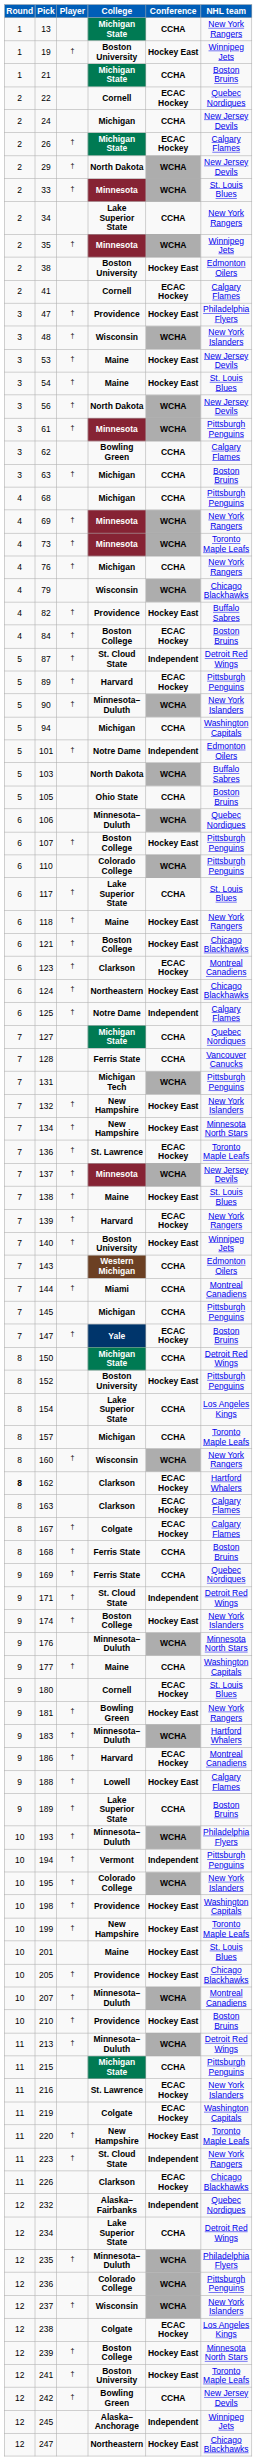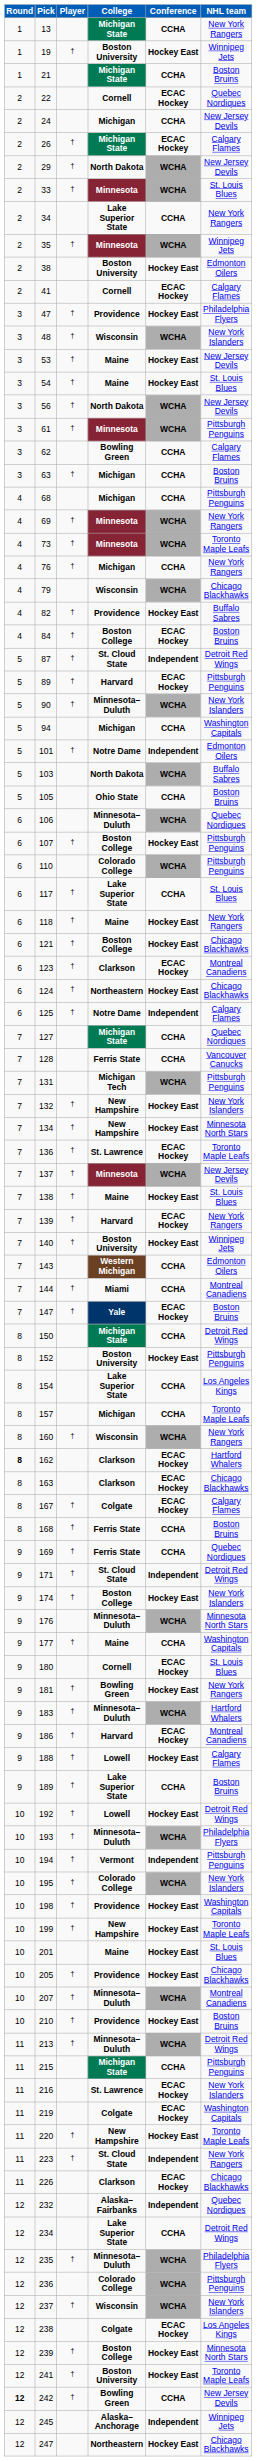 <table class="wikitable sortable" width="75%">
 <tr>
 <th style="color:white; background-color:#005EB8; width: 4em;">Round</th>
 <th style="color:white; background-color:#005EB8; width: 4em;">Pick</th>
 <th style="color:white; background-color:#005EB8; width: 12em;">Player</th>
 <th style="color:white; background-color:#005EB8; width: 13em;">College</th>
 <th style="color:white; background-color:#005EB8; width: 9em;">Conference</th>
 <th style="color:white; background-color:#005EB8; width: 11em;">NHL team</th>
 </tr>
 <tr align="center" bgcolor="">
 <td>1</td>
 <td>13</td>
 <td></td>
 <td style="color:white; background:#007A53"><strong>Michigan State</strong></td>
 <td><strong>CCHA</strong></td>
 <td><a href='#'>New York Rangers</a></td>
 </tr>
 <tr align="center" bgcolor="">
 <td>1</td>
 <td>19</td>
 <td> <sup>†</sup></td>
 <td><strong>Boston University</strong></td>
 <td><strong>Hockey East</strong></td>
 <td><a href='#'>Winnipeg Jets</a></td>
 </tr>
 <tr align="center" bgcolor="">
 <td>1</td>
 <td>21</td>
 <td></td>
 <td style="color:white; background:#007A53"><strong>Michigan State</strong></td>
 <td><strong>CCHA</strong></td>
 <td><a href='#'>Boston Bruins</a></td>
 </tr>
 <tr align="center" bgcolor="">
 <td>2</td>
 <td>22</td>
 <td></td>
 <td><strong>Cornell</strong></td>
 <td><strong>ECAC Hockey</strong></td>
 <td><a href='#'>Quebec Nordiques</a></td>
 </tr>
 <tr align="center" bgcolor="">
 <td>2</td>
 <td>24</td>
 <td></td>
 <td><strong>Michigan</strong></td>
 <td><strong>CCHA</strong></td>
 <td><a href='#'>New Jersey Devils</a></td>
 </tr>
 <tr align="center" bgcolor="">
 <td>2</td>
 <td>26</td>
 <td> <sup>†</sup></td>
 <td style="color:white; background:#007A53"><strong>Michigan State</strong></td>
 <td><strong>ECAC Hockey</strong></td>
 <td><a href='#'>Calgary Flames</a></td>
 </tr>
 <tr align="center" bgcolor="">
 <td>2</td>
 <td>29</td>
 <td> <sup>†</sup></td>
 <td><strong>North Dakota</strong></td>
 <td style="color:black; background:#ADADAD; "><strong>WCHA</strong></td>
 <td><a href='#'>New Jersey Devils</a></td>
 </tr>
 <tr align="center" bgcolor="">
 <td>2</td>
 <td>33</td>
 <td> <sup>†</sup></td>
 <td style="color:white; background:#862334; "><strong>Minnesota</strong></td>
 <td style="color:black; background:#ADADAD; "><strong>WCHA</strong></td>
 <td><a href='#'>St. Louis Blues</a></td>
 </tr>
 <tr align="center" bgcolor="">
 <td>2</td>
 <td>34</td>
 <td></td>
 <td><strong>Lake Superior State</strong></td>
 <td><strong>CCHA</strong></td>
 <td><a href='#'>New York Rangers</a></td>
 </tr>
 <tr align="center" bgcolor="">
 <td>2</td>
 <td>35</td>
 <td> <sup>†</sup></td>
 <td style="color:white; background:#862334; "><strong>Minnesota</strong></td>
 <td style="color:black; background:#ADADAD; "><strong>WCHA</strong></td>
 <td><a href='#'>Winnipeg Jets</a></td>
 </tr>
 <tr align="center" bgcolor="">
 <td>2</td>
 <td>38</td>
 <td></td>
 <td><strong>Boston University</strong></td>
 <td><strong>Hockey East</strong></td>
 <td><a href='#'>Edmonton Oilers</a></td>
 </tr>
 <tr align="center" bgcolor="">
 <td>2</td>
 <td>41</td>
 <td></td>
 <td><strong>Cornell</strong></td>
 <td><strong>ECAC Hockey</strong></td>
 <td><a href='#'>Calgary Flames</a></td>
 </tr>
 <tr align="center" bgcolor="">
 <td>3</td>
 <td>47</td>
 <td> <sup>†</sup></td>
 <td><strong>Providence</strong></td>
 <td><strong>Hockey East</strong></td>
 <td><a href='#'>Philadelphia Flyers</a></td>
 </tr>
 <tr align="center" bgcolor="">
 <td>3</td>
 <td>48</td>
 <td> <sup>†</sup></td>
 <td><strong>Wisconsin</strong></td>
 <td style="color:black; background:#ADADAD; "><strong>WCHA</strong></td>
 <td><a href='#'>New York Islanders</a></td>
 </tr>
 <tr align="center" bgcolor="">
 <td>3</td>
 <td>53</td>
 <td> <sup>†</sup></td>
 <td><strong>Maine</strong></td>
 <td><strong>Hockey East</strong></td>
 <td><a href='#'>New Jersey Devils</a></td>
 </tr>
 <tr align="center" bgcolor="">
 <td>3</td>
 <td>54</td>
 <td> <sup>†</sup></td>
 <td><strong>Maine</strong></td>
 <td><strong>Hockey East</strong></td>
 <td><a href='#'>St. Louis Blues</a></td>
 </tr>
 <tr align="center" bgcolor="">
 <td>3</td>
 <td>56</td>
 <td> <sup>†</sup></td>
 <td><strong>North Dakota</strong></td>
 <td style="color:black; background:#ADADAD; "><strong>WCHA</strong></td>
 <td><a href='#'>New Jersey Devils</a></td>
 </tr>
 <tr align="center" bgcolor="">
 <td>3</td>
 <td>61</td>
 <td> <sup>†</sup></td>
 <td style="color:white; background:#862334; "><strong>Minnesota</strong></td>
 <td style="color:black; background:#ADADAD; "><strong>WCHA</strong></td>
 <td><a href='#'>Pittsburgh Penguins</a></td>
 </tr>
 <tr align="center" bgcolor="">
 <td>3</td>
 <td>62</td>
 <td></td>
 <td><strong>Bowling Green</strong></td>
 <td><strong>CCHA</strong></td>
 <td><a href='#'>Calgary Flames</a></td>
 </tr>
 <tr align="center" bgcolor="">
 <td>3</td>
 <td>63</td>
 <td> <sup>†</sup></td>
 <td><strong>Michigan</strong></td>
 <td><strong>CCHA</strong></td>
 <td><a href='#'>Boston Bruins</a></td>
 </tr>
 <tr align="center" bgcolor="">
 <td>4</td>
 <td>68</td>
 <td></td>
 <td><strong>Michigan</strong></td>
 <td><strong>CCHA</strong></td>
 <td><a href='#'>Pittsburgh Penguins</a></td>
 </tr>
 <tr align="center" bgcolor="">
 <td>4</td>
 <td>69</td>
 <td> <sup>†</sup></td>
 <td style="color:white; background:#862334; "><strong>Minnesota</strong></td>
 <td style="color:black; background:#ADADAD; "><strong>WCHA</strong></td>
 <td><a href='#'>New York Rangers</a></td>
 </tr>
 <tr align="center" bgcolor="">
 <td>4</td>
 <td>73</td>
 <td> <sup>†</sup></td>
 <td style="color:white; background:#862334; "><strong>Minnesota</strong></td>
 <td style="color:black; background:#ADADAD; "><strong>WCHA</strong></td>
 <td><a href='#'>Toronto Maple Leafs</a></td>
 </tr>
 <tr align="center" bgcolor="">
 <td>4</td>
 <td>76</td>
 <td> <sup>†</sup></td>
 <td><strong>Michigan</strong></td>
 <td><strong>CCHA</strong></td>
 <td><a href='#'>New York Rangers</a></td>
 </tr>
 <tr align="center" bgcolor="">
 <td>4</td>
 <td>79</td>
 <td></td>
 <td><strong>Wisconsin</strong></td>
 <td style="color:black; background:#ADADAD; "><strong>WCHA</strong></td>
 <td><a href='#'>Chicago Blackhawks</a></td>
 </tr>
 <tr align="center" bgcolor="">
 <td>4</td>
 <td>82</td>
 <td> <sup>†</sup></td>
 <td><strong>Providence</strong></td>
 <td><strong>Hockey East</strong></td>
 <td><a href='#'>Buffalo Sabres</a></td>
 </tr>
 <tr align="center" bgcolor="">
 <td>4</td>
 <td>84</td>
 <td> <sup>†</sup></td>
 <td><strong>Boston College</strong></td>
 <td><strong>ECAC Hockey</strong></td>
 <td><a href='#'>Boston Bruins</a></td>
 </tr>
 <tr align="center" bgcolor="">
 <td>5</td>
 <td>87</td>
 <td> <sup>†</sup></td>
 <td><strong>St. Cloud State</strong></td>
 <td><strong>Independent</strong></td>
 <td><a href='#'>Detroit Red Wings</a></td>
 </tr>
 <tr align="center" bgcolor="">
 <td>5</td>
 <td>89</td>
 <td> <sup>†</sup></td>
 <td><strong>Harvard</strong></td>
 <td><strong>ECAC Hockey</strong></td>
 <td><a href='#'>Pittsburgh Penguins</a></td>
 </tr>
 <tr align="center" bgcolor="">
 <td>5</td>
 <td>90</td>
 <td> <sup>†</sup></td>
 <td><strong>Minnesota–Duluth</strong></td>
 <td style="color:black; background:#ADADAD; "><strong>WCHA</strong></td>
 <td><a href='#'>New York Islanders</a></td>
 </tr>
 <tr align="center" bgcolor="">
 <td>5</td>
 <td>94</td>
 <td></td>
 <td><strong>Michigan</strong></td>
 <td><strong>CCHA</strong></td>
 <td><a href='#'>Washington Capitals</a></td>
 </tr>
 <tr align="center" bgcolor="">
 <td>5</td>
 <td>101</td>
 <td> <sup>†</sup></td>
 <td><strong>Notre Dame</strong></td>
 <td><strong>Independent</strong></td>
 <td><a href='#'>Edmonton Oilers</a></td>
 </tr>
 <tr align="center" bgcolor="">
 <td>5</td>
 <td>103</td>
 <td></td>
 <td><strong>North Dakota</strong></td>
 <td style="color:black; background:#ADADAD; "><strong>WCHA</strong></td>
 <td><a href='#'>Buffalo Sabres</a></td>
 </tr>
 <tr align="center" bgcolor="">
 <td>5</td>
 <td>105</td>
 <td></td>
 <td><strong>Ohio State</strong></td>
 <td><strong>CCHA</strong></td>
 <td><a href='#'>Boston Bruins</a></td>
 </tr>
 <tr align="center" bgcolor="">
 <td>6</td>
 <td>106</td>
 <td></td>
 <td><strong>Minnesota–Duluth</strong></td>
 <td style="color:black; background:#ADADAD; "><strong>WCHA</strong></td>
 <td><a href='#'>Quebec Nordiques</a></td>
 </tr>
 <tr align="center" bgcolor="">
 <td>6</td>
 <td>107</td>
 <td> <sup>†</sup></td>
 <td><strong>Boston College</strong></td>
 <td><strong>Hockey East</strong></td>
 <td><a href='#'>Pittsburgh Penguins</a></td>
 </tr>
 <tr align="center" bgcolor="">
 <td>6</td>
 <td>110</td>
 <td></td>
 <td><strong>Colorado College</strong></td>
 <td style="color:black; background:#ADADAD; "><strong>WCHA</strong></td>
 <td><a href='#'>Pittsburgh Penguins</a></td>
 </tr>
 <tr align="center" bgcolor="">
 <td>6</td>
 <td>117</td>
 <td> <sup>†</sup></td>
 <td><strong>Lake Superior State</strong></td>
 <td><strong>CCHA</strong></td>
 <td><a href='#'>St. Louis Blues</a></td>
 </tr>
 <tr align="center" bgcolor="">
 <td>6</td>
 <td>118</td>
 <td> <sup>†</sup></td>
 <td><strong>Maine</strong></td>
 <td><strong>Hockey East</strong></td>
 <td><a href='#'>New York Rangers</a></td>
 </tr>
 <tr align="center" bgcolor="">
 <td>6</td>
 <td>121</td>
 <td> <sup>†</sup></td>
 <td><strong>Boston College</strong></td>
 <td><strong>Hockey East</strong></td>
 <td><a href='#'>Chicago Blackhawks</a></td>
 </tr>
 <tr align="center" bgcolor="">
 <td>6</td>
 <td>123</td>
 <td> <sup>†</sup></td>
 <td><strong>Clarkson</strong></td>
 <td><strong>ECAC Hockey</strong></td>
 <td><a href='#'>Montreal Canadiens</a></td>
 </tr>
 <tr align="center" bgcolor="">
 <td>6</td>
 <td>124</td>
 <td> <sup>†</sup></td>
 <td><strong>Northeastern</strong></td>
 <td><strong>Hockey East</strong></td>
 <td><a href='#'>Chicago Blackhawks</a></td>
 </tr>
 <tr align="center" bgcolor="">
 <td>6</td>
 <td>125</td>
 <td> <sup>†</sup></td>
 <td><strong>Notre Dame</strong></td>
 <td><strong>Independent</strong></td>
 <td><a href='#'>Calgary Flames</a></td>
 </tr>
 <tr align="center" bgcolor="">
 <td>7</td>
 <td>127</td>
 <td></td>
 <td style="color:white; background:#007A53"><strong>Michigan State</strong></td>
 <td><strong>CCHA</strong></td>
 <td><a href='#'>Quebec Nordiques</a></td>
 </tr>
 <tr align="center" bgcolor="">
 <td>7</td>
 <td>128</td>
 <td></td>
 <td><strong>Ferris State</strong></td>
 <td><strong>CCHA</strong></td>
 <td><a href='#'>Vancouver Canucks</a></td>
 </tr>
 <tr align="center" bgcolor="">
 <td>7</td>
 <td>131</td>
 <td></td>
 <td><strong>Michigan Tech</strong></td>
 <td style="color:black; background:#ADADAD; "><strong>WCHA</strong></td>
 <td><a href='#'>Pittsburgh Penguins</a></td>
 </tr>
 <tr align="center" bgcolor="">
 <td>7</td>
 <td>132</td>
 <td> <sup>†</sup></td>
 <td><strong>New Hampshire</strong></td>
 <td><strong>Hockey East</strong></td>
 <td><a href='#'>New York Islanders</a></td>
 </tr>
 <tr align="center" bgcolor="">
 <td>7</td>
 <td>134</td>
 <td> <sup>†</sup></td>
 <td><strong>New Hampshire</strong></td>
 <td><strong>Hockey East</strong></td>
 <td><a href='#'>Minnesota North Stars</a></td>
 </tr>
 <tr align="center" bgcolor="">
 <td>7</td>
 <td>136</td>
 <td> <sup>†</sup></td>
 <td><strong>St. Lawrence</strong></td>
 <td><strong>ECAC Hockey</strong></td>
 <td><a href='#'>Toronto Maple Leafs</a></td>
 </tr>
 <tr align="center" bgcolor="">
 <td>7</td>
 <td>137</td>
 <td> <sup>†</sup></td>
 <td style="color:white; background:#862334; "><strong>Minnesota</strong></td>
 <td style="color:black; background:#ADADAD; "><strong>WCHA</strong></td>
 <td><a href='#'>New Jersey Devils</a></td>
 </tr>
 <tr align="center" bgcolor="">
 <td>7</td>
 <td>138</td>
 <td> <sup>†</sup></td>
 <td><strong>Maine</strong></td>
 <td><strong>Hockey East</strong></td>
 <td><a href='#'>St. Louis Blues</a></td>
 </tr>
 <tr align="center" bgcolor="">
 <td>7</td>
 <td>139</td>
 <td> <sup>†</sup></td>
 <td><strong>Harvard</strong></td>
 <td><strong>ECAC Hockey</strong></td>
 <td><a href='#'>New York Rangers</a></td>
 </tr>
 <tr align="center" bgcolor="">
 <td>7</td>
 <td>140</td>
 <td> <sup>†</sup></td>
 <td><strong>Boston University</strong></td>
 <td><strong>Hockey East</strong></td>
 <td><a href='#'>Winnipeg Jets</a></td>
 </tr>
 <tr align="center" bgcolor="">
 <td>7</td>
 <td>143</td>
 <td></td>
 <td style="color:white; background:#6C4023; "><strong>Western Michigan</strong></td>
 <td><strong>CCHA</strong></td>
 <td><a href='#'>Edmonton Oilers</a></td>
 </tr>
 <tr align="center" bgcolor="">
 <td>7</td>
 <td>144</td>
 <td> <sup>†</sup></td>
 <td><strong>Miami</strong></td>
 <td><strong>CCHA</strong></td>
 <td><a href='#'>Montreal Canadiens</a></td>
 </tr>
 <tr align="center" bgcolor="">
 <td>7</td>
-<td>145</td>
-<td></td>
-<td><strong>Michigan</strong></td>
-<td><strong>CCHA</strong></td>
-<td><a href='#'>Pittsburgh Penguins</a></td>
-</tr>
-<tr align="center" bgcolor="">
-<td>7</td>
 <td>147</td>
 <td> <sup>†</sup></td>
 <td style="color:white; background:#00356B"><strong>Yale</strong></td>
 <td><strong>ECAC Hockey</strong></td>
 <td><a href='#'>Boston Bruins</a></td>
 </tr>
 <tr align="center" bgcolor="">
 <td>8</td>
 <td>150</td>
 <td></td>
 <td style="color:white; background:#007A53"><strong>Michigan State</strong></td>
 <td><strong>CCHA</strong></td>
 <td><a href='#'>Detroit Red Wings</a></td>
 </tr>
 <tr align="center" bgcolor="">
 <td>8</td>
 <td>152</td>
 <td></td>
 <td><strong>Boston University</strong></td>
 <td><strong>Hockey East</strong></td>
 <td><a href='#'>Pittsburgh Penguins</a></td>
 </tr>
 <tr align="center" bgcolor="">
 <td>8</td>
 <td>154</td>
 <td></td>
 <td><strong>Lake Superior State</strong></td>
 <td><strong>CCHA</strong></td>
 <td><a href='#'>Los Angeles Kings</a></td>
 </tr>
 <tr align="center" bgcolor="">
 <td>8</td>
 <td>157</td>
 <td></td>
 <td><strong>Michigan</strong></td>
 <td><strong>CCHA</strong></td>
 <td><a href='#'>Toronto Maple Leafs</a></td>
 </tr>
 <tr align="center" bgcolor="">
 <td>8</td>
 <td>160</td>
 <td> <sup>†</sup></td>
 <td><strong>Wisconsin</strong></td>
 <td style="color:black; background:#ADADAD; "><strong>WCHA</strong></td>
 <td><a href='#'>New York Rangers</a></td>
 </tr>
 <tr align="center" bgcolor="">
 <td><strong>8</strong></td>
 <td>162</td>
 <td></td>
 <td><strong>Clarkson</strong></td>
 <td><strong>ECAC Hockey</strong></td>
 <td><a href='#'>Hartford Whalers</a></td>
 </tr>
 <tr align="center" bgcolor="">
 <td>8</td>
 <td>163</td>
 <td></td>
 <td><strong>Clarkson</strong></td>
 <td><strong>ECAC Hockey</strong></td>
-<td><a href='#'>Calgary Flames</a></td>
+<td><a href='#'>Chicago Blackhawks</a></td>
 </tr>
 <tr align="center" bgcolor="">
 <td>8</td>
 <td>167</td>
 <td> <sup>†</sup></td>
 <td><strong>Colgate</strong></td>
 <td><strong>ECAC Hockey</strong></td>
 <td><a href='#'>Calgary Flames</a></td>
 </tr>
 <tr align="center" bgcolor="">
 <td>8</td>
 <td>168</td>
 <td> <sup>†</sup></td>
 <td><strong>Ferris State</strong></td>
 <td><strong>CCHA</strong></td>
 <td><a href='#'>Boston Bruins</a></td>
 </tr>
 <tr align="center" bgcolor="">
 <td>9</td>
 <td>169</td>
 <td> <sup>†</sup></td>
 <td><strong>Ferris State</strong></td>
 <td><strong>CCHA</strong></td>
 <td><a href='#'>Quebec Nordiques</a></td>
 </tr>
 <tr align="center" bgcolor="">
 <td>9</td>
 <td>171</td>
 <td> <sup>†</sup></td>
 <td><strong>St. Cloud State</strong></td>
 <td><strong>Independent</strong></td>
 <td><a href='#'>Detroit Red Wings</a></td>
 </tr>
 <tr align="center" bgcolor="">
 <td>9</td>
 <td>174</td>
 <td> <sup>†</sup></td>
 <td><strong>Boston College</strong></td>
 <td><strong>Hockey East</strong></td>
 <td><a href='#'>New York Islanders</a></td>
 </tr>
 <tr align="center" bgcolor="">
 <td>9</td>
 <td>176</td>
 <td></td>
 <td><strong>Minnesota–Duluth</strong></td>
 <td style="color:black; background:#ADADAD; "><strong>WCHA</strong></td>
 <td><a href='#'>Minnesota North Stars</a></td>
 </tr>
 <tr align="center" bgcolor="">
 <td>9</td>
 <td>177</td>
 <td> <sup>†</sup></td>
 <td><strong>Maine</strong></td>
 <td><strong>CCHA</strong></td>
 <td><a href='#'>Washington Capitals</a></td>
 </tr>
 <tr align="center" bgcolor="">
 <td>9</td>
 <td>180</td>
 <td></td>
 <td><strong>Cornell</strong></td>
 <td><strong>ECAC Hockey</strong></td>
 <td><a href='#'>St. Louis Blues</a></td>
 </tr>
 <tr align="center" bgcolor="">
 <td>9</td>
 <td>181</td>
 <td> <sup>†</sup></td>
 <td><strong>Bowling Green</strong></td>
 <td><strong>Hockey East</strong></td>
 <td><a href='#'>New York Rangers</a></td>
 </tr>
 <tr align="center" bgcolor="">
 <td>9</td>
 <td>183</td>
 <td> <sup>†</sup></td>
 <td><strong>Minnesota–Duluth</strong></td>
 <td style="color:black; background:#ADADAD; "><strong>WCHA</strong></td>
 <td><a href='#'>Hartford Whalers</a></td>
 </tr>
 <tr align="center" bgcolor="">
 <td>9</td>
 <td>186</td>
 <td> <sup>†</sup></td>
 <td><strong>Harvard</strong></td>
 <td><strong>ECAC Hockey</strong></td>
 <td><a href='#'>Montreal Canadiens</a></td>
 </tr>
 <tr align="center" bgcolor="">
 <td>9</td>
 <td>188</td>
 <td> <sup>†</sup></td>
 <td><strong>Lowell</strong></td>
 <td><strong>Hockey East</strong></td>
 <td><a href='#'>Calgary Flames</a></td>
 </tr>
 <tr align="center" bgcolor="">
 <td>9</td>
 <td>189</td>
 <td> <sup>†</sup></td>
 <td><strong>Lake Superior State</strong></td>
 <td><strong>CCHA</strong></td>
 <td><a href='#'>Boston Bruins</a></td>
+</tr>
+<tr align="center" bgcolor="">
+<td>10</td>
+<td>192</td>
+<td> <sup>†</sup></td>
+<td><strong>Lowell</strong></td>
+<td><strong>Hockey East</strong></td>
+<td><a href='#'>Detroit Red Wings</a></td>
 </tr>
 <tr align="center" bgcolor="">
 <td>10</td>
 <td>193</td>
 <td> <sup>†</sup></td>
 <td><strong>Minnesota–Duluth</strong></td>
 <td style="color:black; background:#ADADAD; "><strong>WCHA</strong></td>
 <td><a href='#'>Philadelphia Flyers</a></td>
 </tr>
 <tr align="center" bgcolor="">
 <td>10</td>
 <td>194</td>
 <td> <sup>†</sup></td>
 <td><strong>Vermont</strong></td>
 <td><strong>Independent</strong></td>
 <td><a href='#'>Pittsburgh Penguins</a></td>
 </tr>
 <tr align="center" bgcolor="">
 <td>10</td>
 <td>195</td>
 <td> <sup>†</sup></td>
 <td><strong>Colorado College</strong></td>
 <td style="color:black; background:#ADADAD; "><strong>WCHA</strong></td>
 <td><a href='#'>New York Islanders</a></td>
 </tr>
 <tr align="center" bgcolor="">
 <td>10</td>
 <td>198</td>
 <td> <sup>†</sup></td>
 <td><strong>Providence</strong></td>
 <td><strong>Hockey East</strong></td>
 <td><a href='#'>Washington Capitals</a></td>
 </tr>
 <tr align="center" bgcolor="">
 <td>10</td>
 <td>199</td>
 <td> <sup>†</sup></td>
 <td><strong>New Hampshire</strong></td>
 <td><strong>Hockey East</strong></td>
 <td><a href='#'>Toronto Maple Leafs</a></td>
 </tr>
 <tr align="center" bgcolor="">
 <td>10</td>
 <td>201</td>
 <td></td>
 <td><strong>Maine</strong></td>
 <td><strong>Hockey East</strong></td>
 <td><a href='#'>St. Louis Blues</a></td>
 </tr>
 <tr align="center" bgcolor="">
 <td>10</td>
 <td>205</td>
 <td> <sup>†</sup></td>
 <td><strong>Providence</strong></td>
 <td><strong>Hockey East</strong></td>
 <td><a href='#'>Chicago Blackhawks</a></td>
 </tr>
 <tr align="center" bgcolor="">
 <td>10</td>
 <td>207</td>
 <td> <sup>†</sup></td>
 <td><strong>Minnesota–Duluth</strong></td>
 <td style="color:black; background:#ADADAD; "><strong>WCHA</strong></td>
 <td><a href='#'>Montreal Canadiens</a></td>
 </tr>
 <tr align="center" bgcolor="">
 <td>10</td>
 <td>210</td>
 <td> <sup>†</sup></td>
 <td><strong>Providence</strong></td>
 <td><strong>Hockey East</strong></td>
 <td><a href='#'>Boston Bruins</a></td>
 </tr>
 <tr align="center" bgcolor="">
 <td>11</td>
 <td>213</td>
 <td> <sup>†</sup></td>
 <td><strong>Minnesota–Duluth</strong></td>
 <td style="color:black; background:#ADADAD; "><strong>WCHA</strong></td>
 <td><a href='#'>Detroit Red Wings</a></td>
 </tr>
 <tr align="center" bgcolor="">
 <td>11</td>
 <td>215</td>
 <td></td>
 <td style="color:white; background:#007A53"><strong>Michigan State</strong></td>
 <td><strong>CCHA</strong></td>
 <td><a href='#'>Pittsburgh Penguins</a></td>
 </tr>
 <tr align="center" bgcolor="">
 <td>11</td>
 <td>216</td>
 <td></td>
 <td><strong>St. Lawrence</strong></td>
 <td><strong>ECAC Hockey</strong></td>
 <td><a href='#'>New York Islanders</a></td>
 </tr>
 <tr align="center" bgcolor="">
 <td>11</td>
 <td>219</td>
 <td></td>
 <td><strong>Colgate</strong></td>
 <td><strong>ECAC Hockey</strong></td>
 <td><a href='#'>Washington Capitals</a></td>
 </tr>
 <tr align="center" bgcolor="">
 <td>11</td>
 <td>220</td>
 <td> <sup>†</sup></td>
 <td><strong>New Hampshire</strong></td>
 <td><strong>Hockey East</strong></td>
 <td><a href='#'>Toronto Maple Leafs</a></td>
 </tr>
 <tr align="center" bgcolor="">
 <td>11</td>
 <td>223</td>
 <td> <sup>†</sup></td>
 <td><strong>St. Cloud State</strong></td>
 <td><strong>Independent</strong></td>
 <td><a href='#'>New York Rangers</a></td>
 </tr>
 <tr align="center" bgcolor="">
 <td>11</td>
 <td>226</td>
 <td></td>
 <td><strong>Clarkson</strong></td>
 <td><strong>ECAC Hockey</strong></td>
 <td><a href='#'>Chicago Blackhawks</a></td>
 </tr>
 <tr align="center" bgcolor="">
 <td>12</td>
 <td>232</td>
 <td></td>
 <td><strong>Alaska–Fairbanks</strong></td>
 <td><strong>Independent</strong></td>
 <td><a href='#'>Quebec Nordiques</a></td>
 </tr>
 <tr align="center" bgcolor="">
 <td>12</td>
 <td>234</td>
 <td></td>
 <td><strong>Lake Superior State</strong></td>
 <td><strong>CCHA</strong></td>
 <td><a href='#'>Detroit Red Wings</a></td>
 </tr>
 <tr align="center" bgcolor="">
 <td>12</td>
 <td>235</td>
 <td> <sup>†</sup></td>
 <td><strong>Minnesota–Duluth</strong></td>
 <td style="color:black; background:#ADADAD; "><strong>WCHA</strong></td>
 <td><a href='#'>Philadelphia Flyers</a></td>
 </tr>
 <tr align="center" bgcolor="">
 <td>12</td>
 <td>236</td>
 <td></td>
 <td><strong>Colorado College</strong></td>
 <td style="color:black; background:#ADADAD; "><strong>WCHA</strong></td>
 <td><a href='#'>Pittsburgh Penguins</a></td>
 </tr>
 <tr align="center" bgcolor="">
 <td>12</td>
 <td>237</td>
 <td> <sup>†</sup></td>
 <td><strong>Wisconsin</strong></td>
 <td style="color:black; background:#ADADAD; "><strong>WCHA</strong></td>
 <td><a href='#'>New York Islanders</a></td>
 </tr>
 <tr align="center" bgcolor="">
 <td>12</td>
 <td>238</td>
 <td></td>
 <td><strong>Colgate</strong></td>
 <td><strong>ECAC Hockey</strong></td>
 <td><a href='#'>Los Angeles Kings</a></td>
 </tr>
 <tr align="center" bgcolor="">
 <td>12</td>
 <td>239</td>
 <td> <sup>†</sup></td>
 <td><strong>Boston College</strong></td>
 <td><strong>Hockey East</strong></td>
 <td><a href='#'>Minnesota North Stars</a></td>
 </tr>
 <tr align="center" bgcolor="">
 <td>12</td>
 <td>241</td>
 <td> <sup>†</sup></td>
 <td><strong>Boston University</strong></td>
 <td><strong>Hockey East</strong></td>
 <td><a href='#'>Toronto Maple Leafs</a></td>
 </tr>
 <tr align="center" bgcolor="">
-<td>12</td>
+<td><strong>12</strong></td>
 <td>242</td>
 <td> <sup>†</sup></td>
 <td><strong>Bowling Green</strong></td>
 <td><strong>CCHA</strong></td>
 <td><a href='#'>New Jersey Devils</a></td>
 </tr>
 <tr align="center" bgcolor="">
 <td>12</td>
 <td>245</td>
 <td></td>
 <td><strong>Alaska–Anchorage</strong></td>
 <td><strong>Independent</strong></td>
 <td><a href='#'>Winnipeg Jets</a></td>
 </tr>
 <tr align="center" bgcolor="">
 <td>12</td>
 <td>247</td>
 <td></td>
 <td><strong>Northeastern</strong></td>
 <td><strong>Hockey East</strong></td>
 <td><a href='#'>Chicago Blackhawks</a></td>
 </tr>
 </table>
